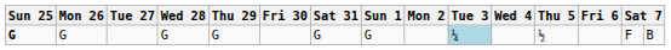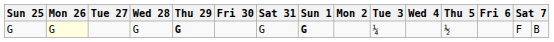 <table class="wikitable olympic-schedule basketball">
 <tr>
 <th>Sun 25</th>
 <th>Mon 26</th>
 <th>Tue 27</th>
 <th>Wed 28</th>
 <th>Thu 29</th>
 <th>Fri 30</th>
 <th>Sat 31</th>
 <th>Sun 1</th>
 <th>Mon 2</th>
 <th>Tue 3</th>
 <th>Wed 4</th>
 <th>Thu 5</th>
 <th colspan="2">Fri 6</th>
 <th colspan="2">Sat 7</th>
 </tr>
 <tr>
-<td class="team-group"><strong>G</strong></td>
 <td class="team-group">G</td>
+<td class="team-group" style="background: lightyellow;">G</td>
 <td></td>
 <td class="team-group">G</td>
-<td class="team-group">G</td>
+<td class="team-group"><strong>G</strong></td>
 <td></td>
 <td class="team-group">G</td>
-<td class="team-group">G</td>
+<td class="team-group"><strong>G</strong></td>
 <td></td>
-<td class="team-qf" style="background: lightblue;">¼</td>
+<td class="team-qf">¼</td>
 <td></td>
 <td class="team-sf">½</td>
 <td colspan=2></td>
 <td class="team-final">F</td>
 <td class="team-bronze">B</td>
 </tr>
 </table>
